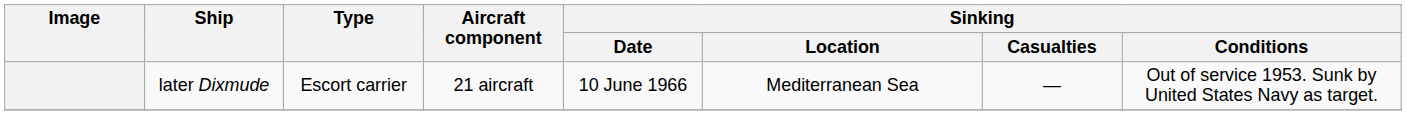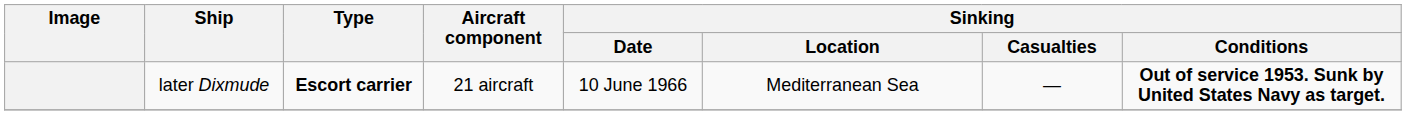 <table class="wikitable plainrowheaders" style="text-align: center;">
 <tr valign="top">
 <th scope="col" style="width:10%;" rowspan="2">Image</th>
 <th scope="col" style="width:10%;" rowspan="2">Ship</th>
 <th scope="col" style="width:10%;" rowspan="2">Type</th>
 <th scope="col" style="width:10%;" rowspan="2">Aircraft component</th>
 <th scope="col" style="width:60%;" colspan="4">Sinking</th>
 </tr>
 <tr valign="top">
 <th scope="col" style="width:10%;">Date</th>
 <th scope="col" style="width:20%;">Location</th>
 <th scope="col" style="width:10%;">Casualties</th>
 <th scope="col" style="width:30%;">Conditions</th>
 </tr>
 <tr>
 <th scope="row"></th>
 <td> later <em>Dixmude</em></td>
-<td>Escort carrier</td>
+<td><strong>Escort carrier</strong></td>
 <td>21 aircraft</td>
 <td>10 June 1966</td>
 <td>Mediterranean Sea</td>
 <td>—</td>
-<td>Out of service 1953. Sunk by United States Navy as target.</td>
+<td><strong>Out of service 1953. Sunk by United States Navy as target.</strong></td>
 </tr>
 <tr>
 </tr>
 </table>
